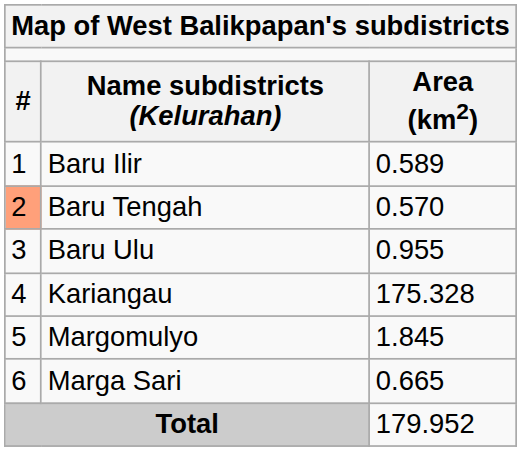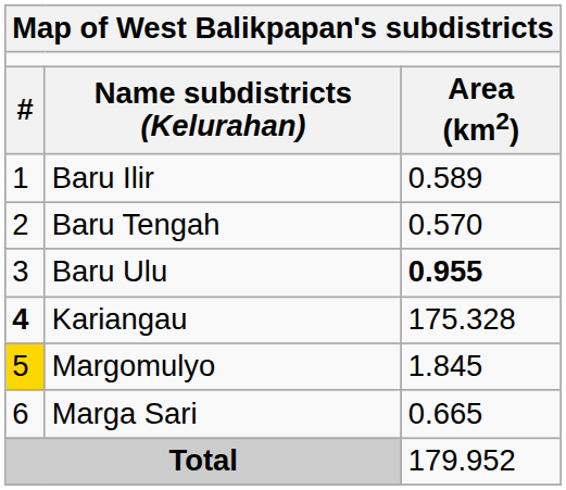 <table class="wikitable">
 <tr>
 <th colspan="3">Map of West Balikpapan's subdistricts</th>
 </tr>
 <tr>
 <td colspan="3"></td>
 </tr>
 <tr>
 <th>#</th>
 <th>Name subdistricts<br><em>(Kelurahan)</em></th>
 <th>Area<br>(km<sup>2</sup>) </th>
 </tr>
 <tr>
 <td>1</td>
 <td>Baru Ilir</td>
 <td>0.589</td>
 </tr>
 <tr>
-<td style="background: lightsalmon;">2</td>
+<td>2</td>
 <td>Baru Tengah</td>
 <td>0.570</td>
 </tr>
 <tr>
 <td>3</td>
 <td>Baru Ulu</td>
-<td>0.955</td>
+<td><strong>0.955</strong></td>
 </tr>
 <tr>
-<td>4</td>
+<td><strong>4</strong></td>
 <td>Kariangau</td>
 <td>175.328</td>
 </tr>
 <tr>
-<td>5</td>
+<td style="background: gold;">5</td>
 <td>Margomulyo</td>
 <td>1.845</td>
 </tr>
 <tr>
 <td>6</td>
 <td>Marga Sari</td>
 <td>0.665</td>
 </tr>
 <tr>
 <td colspan="2" align="center" style="background:#CCCCCC;"><strong>Total</strong></td>
 <td>179.952</td>
 </tr>
 </table>
